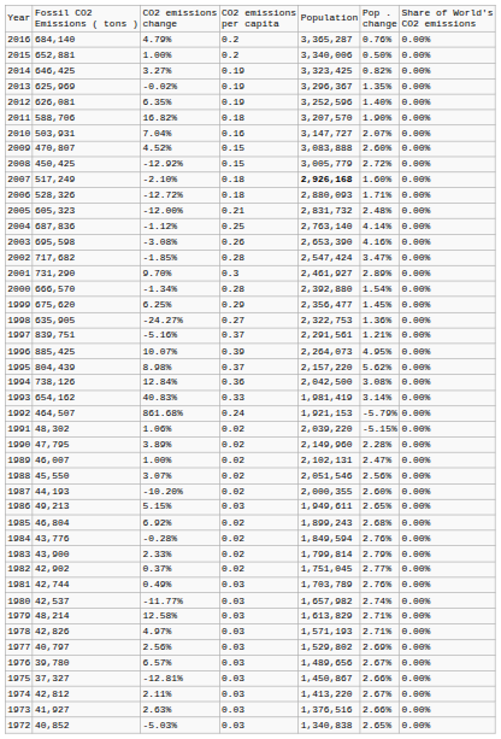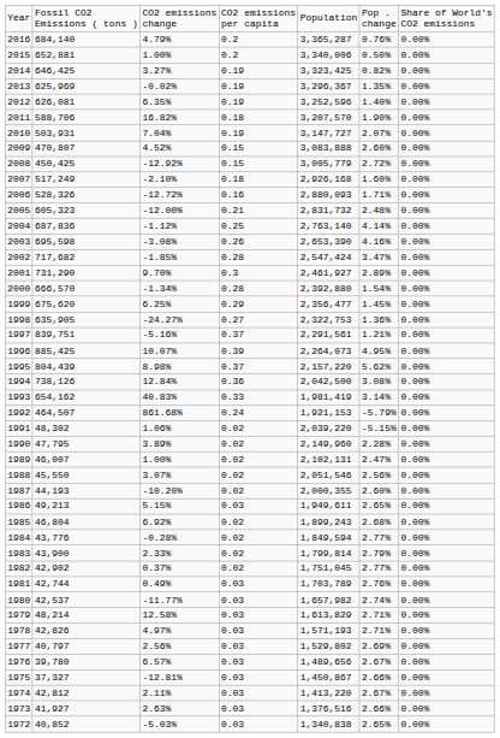 <table class="wikitable">
 <tr>
 <td>Year</td>
 <td>Fossil CO2<br>Emissions ( tons )</td>
 <td>CO2 emissions<br>change</td>
 <td>CO2 emissions<br>per capita</td>
 <td>Population</td>
 <td>Pop .<br>change</td>
 <td>Share of World's<br>CO2 emissions</td>
 </tr>
 <tr>
 <td>2016</td>
 <td>684,140</td>
 <td>4.79%</td>
 <td>0.2</td>
 <td>3,365,287</td>
 <td>0.76%</td>
 <td>0.00%</td>
 </tr>
 <tr>
 <td>2015</td>
 <td>652,881</td>
 <td>1.00%</td>
 <td>0.2</td>
 <td>3,340,006</td>
 <td>0.50%</td>
 <td>0.00%</td>
 </tr>
 <tr>
 <td>2014</td>
 <td>646,425</td>
 <td>3.27%</td>
 <td>0.19</td>
 <td>3,323,425</td>
 <td>0.82%</td>
 <td>0.00%</td>
 </tr>
 <tr>
 <td>2013</td>
 <td>625,969</td>
 <td>-0.02%</td>
 <td>0.19</td>
 <td>3,296,367</td>
 <td>1.35%</td>
 <td>0.00%</td>
 </tr>
 <tr>
 <td>2012</td>
 <td>626,081</td>
 <td>6.35%</td>
 <td>0.19</td>
 <td>3,252,596</td>
 <td>1.40%</td>
 <td>0.00%</td>
 </tr>
 <tr>
 <td>2011</td>
 <td>588,706</td>
 <td>16.82%</td>
 <td>0.18</td>
 <td>3,207,570</td>
 <td>1.90%</td>
 <td>0.00%</td>
 </tr>
 <tr>
 <td>2010</td>
 <td>503,931</td>
 <td>7.04%</td>
-<td>0.16</td>
+<td>0.19</td>
 <td>3,147,727</td>
 <td>2.07%</td>
 <td>0.00%</td>
 </tr>
 <tr>
 <td>2009</td>
 <td>470,807</td>
 <td>4.52%</td>
 <td>0.15</td>
 <td>3,083,888</td>
 <td>2.60%</td>
 <td>0.00%</td>
 </tr>
 <tr>
 <td>2008</td>
 <td>450,425</td>
 <td>-12.92%</td>
 <td>0.15</td>
 <td>3,005,779</td>
 <td>2.72%</td>
 <td>0.00%</td>
 </tr>
 <tr>
 <td>2007</td>
 <td>517,249</td>
 <td>-2.10%</td>
 <td>0.18</td>
-<td><strong>2,926,168</strong></td>
+<td>2,926,168</td>
 <td>1.60%</td>
 <td>0.00%</td>
 </tr>
 <tr>
 <td>2006</td>
 <td>528,326</td>
 <td>-12.72%</td>
-<td>0.18</td>
+<td>0.16</td>
 <td>2,880,093</td>
 <td>1.71%</td>
 <td>0.00%</td>
 </tr>
 <tr>
 <td>2005</td>
 <td>605,323</td>
 <td>-12.00%</td>
 <td>0.21</td>
 <td>2,831,732</td>
 <td>2.48%</td>
 <td>0.00%</td>
 </tr>
 <tr>
 <td>2004</td>
 <td>687,836</td>
 <td>-1.12%</td>
 <td>0.25</td>
 <td>2,763,140</td>
 <td>4.14%</td>
 <td>0.00%</td>
 </tr>
 <tr>
 <td>2003</td>
 <td>695,598</td>
 <td>-3.08%</td>
 <td>0.26</td>
 <td>2,653,390</td>
 <td>4.16%</td>
 <td>0.00%</td>
 </tr>
 <tr>
 <td>2002</td>
 <td>717,682</td>
 <td>-1.85%</td>
 <td>0.28</td>
 <td>2,547,424</td>
 <td>3.47%</td>
 <td>0.00%</td>
 </tr>
 <tr>
 <td>2001</td>
 <td>731,290</td>
 <td>9.70%</td>
 <td>0.3</td>
 <td>2,461,927</td>
 <td>2.89%</td>
 <td>0.00%</td>
 </tr>
 <tr>
 <td>2000</td>
 <td>666,570</td>
 <td>-1.34%</td>
 <td>0.28</td>
 <td>2,392,880</td>
 <td>1.54%</td>
 <td>0.00%</td>
 </tr>
 <tr>
 <td>1999</td>
 <td>675,620</td>
 <td>6.25%</td>
 <td>0.29</td>
 <td>2,356,477</td>
 <td>1.45%</td>
 <td>0.00%</td>
 </tr>
 <tr>
 <td>1998</td>
 <td>635,905</td>
 <td>-24.27%</td>
 <td>0.27</td>
 <td>2,322,753</td>
 <td>1.36%</td>
 <td>0.00%</td>
 </tr>
 <tr>
 <td>1997</td>
 <td>839,751</td>
 <td>-5.16%</td>
 <td>0.37</td>
 <td>2,291,561</td>
 <td>1.21%</td>
 <td>0.00%</td>
 </tr>
 <tr>
 <td>1996</td>
 <td>885,425</td>
 <td>10.07%</td>
 <td>0.39</td>
 <td>2,264,073</td>
 <td>4.95%</td>
 <td>0.00%</td>
 </tr>
 <tr>
 <td>1995</td>
 <td>804,439</td>
 <td>8.98%</td>
 <td>0.37</td>
 <td>2,157,220</td>
 <td>5.62%</td>
 <td>0.00%</td>
 </tr>
 <tr>
 <td>1994</td>
 <td>738,126</td>
 <td>12.84%</td>
 <td>0.36</td>
 <td>2,042,500</td>
 <td>3.08%</td>
 <td>0.00%</td>
 </tr>
 <tr>
 <td>1993</td>
 <td>654,162</td>
 <td>40.83%</td>
 <td>0.33</td>
 <td>1,981,419</td>
 <td>3.14%</td>
 <td>0.00%</td>
 </tr>
 <tr>
 <td>1992</td>
 <td>464,507</td>
 <td>861.68%</td>
 <td>0.24</td>
 <td>1,921,153</td>
 <td>-5.79%</td>
 <td>0.00%</td>
 </tr>
 <tr>
 <td>1991</td>
 <td>48,302</td>
 <td>1.06%</td>
 <td>0.02</td>
 <td>2,039,220</td>
 <td>-5.15%</td>
 <td>0.00%</td>
 </tr>
 <tr>
 <td>1990</td>
 <td>47,795</td>
 <td>3.89%</td>
 <td>0.02</td>
 <td>2,149,960</td>
 <td>2.28%</td>
 <td>0.00%</td>
 </tr>
 <tr>
 <td>1989</td>
 <td>46,007</td>
 <td>1.00%</td>
 <td>0.02</td>
 <td>2,102,131</td>
 <td>2.47%</td>
 <td>0.00%</td>
 </tr>
 <tr>
 <td>1988</td>
 <td>45,550</td>
 <td>3.07%</td>
 <td>0.02</td>
 <td>2,051,546</td>
 <td>2.56%</td>
 <td>0.00%</td>
 </tr>
 <tr>
 <td>1987</td>
 <td>44,193</td>
 <td>-10.20%</td>
 <td>0.02</td>
 <td>2,000,355</td>
 <td>2.60%</td>
 <td>0.00%</td>
 </tr>
 <tr>
 <td>1986</td>
 <td>49,213</td>
 <td>5.15%</td>
 <td>0.03</td>
 <td>1,949,611</td>
 <td>2.65%</td>
 <td>0.00%</td>
 </tr>
 <tr>
 <td>1985</td>
 <td>46,804</td>
 <td>6.92%</td>
 <td>0.02</td>
 <td>1,899,243</td>
 <td>2.68%</td>
 <td>0.00%</td>
 </tr>
 <tr>
 <td>1984</td>
 <td>43,776</td>
 <td>-0.28%</td>
 <td>0.02</td>
 <td>1,849,594</td>
-<td>2.76%</td>
+<td>2.77%</td>
 <td>0.00%</td>
 </tr>
 <tr>
 <td>1983</td>
 <td>43,900</td>
 <td>2.33%</td>
 <td>0.02</td>
 <td>1,799,814</td>
 <td>2.79%</td>
 <td>0.00%</td>
 </tr>
 <tr>
 <td>1982</td>
 <td>42,902</td>
 <td>0.37%</td>
 <td>0.02</td>
 <td>1,751,045</td>
 <td>2.77%</td>
 <td>0.00%</td>
 </tr>
 <tr>
 <td>1981</td>
 <td>42,744</td>
 <td>0.49%</td>
 <td>0.03</td>
 <td>1,703,789</td>
 <td>2.76%</td>
 <td>0.00%</td>
 </tr>
 <tr>
 <td>1980</td>
 <td>42,537</td>
 <td>-11.77%</td>
 <td>0.03</td>
 <td>1,657,982</td>
 <td>2.74%</td>
 <td>0.00%</td>
 </tr>
 <tr>
 <td>1979</td>
 <td>48,214</td>
 <td>12.58%</td>
 <td>0.03</td>
 <td>1,613,829</td>
 <td>2.71%</td>
 <td>0.00%</td>
 </tr>
 <tr>
 <td>1978</td>
 <td>42,826</td>
 <td>4.97%</td>
 <td>0.03</td>
 <td>1,571,193</td>
 <td>2.71%</td>
 <td>0.00%</td>
 </tr>
 <tr>
 <td>1977</td>
 <td>40,797</td>
 <td>2.56%</td>
 <td>0.03</td>
 <td>1,529,802</td>
 <td>2.69%</td>
 <td>0.00%</td>
 </tr>
 <tr>
 <td>1976</td>
 <td>39,780</td>
 <td>6.57%</td>
 <td>0.03</td>
 <td>1,489,656</td>
 <td>2.67%</td>
 <td>0.00%</td>
 </tr>
 <tr>
 <td>1975</td>
 <td>37,327</td>
 <td>-12.81%</td>
 <td>0.03</td>
 <td>1,450,867</td>
 <td>2.66%</td>
 <td>0.00%</td>
 </tr>
 <tr>
 <td>1974</td>
 <td>42,812</td>
 <td>2.11%</td>
 <td>0.03</td>
 <td>1,413,220</td>
 <td>2.67%</td>
 <td>0.00%</td>
 </tr>
 <tr>
 <td>1973</td>
 <td>41,927</td>
 <td>2.63%</td>
 <td>0.03</td>
 <td>1,376,516</td>
 <td>2.66%</td>
 <td>0.00%</td>
 </tr>
 <tr>
 <td>1972</td>
 <td>40,852</td>
 <td>-5.03%</td>
 <td>0.03</td>
 <td>1,340,838</td>
 <td>2.65%</td>
 <td>0.00%</td>
 </tr>
 </table>
